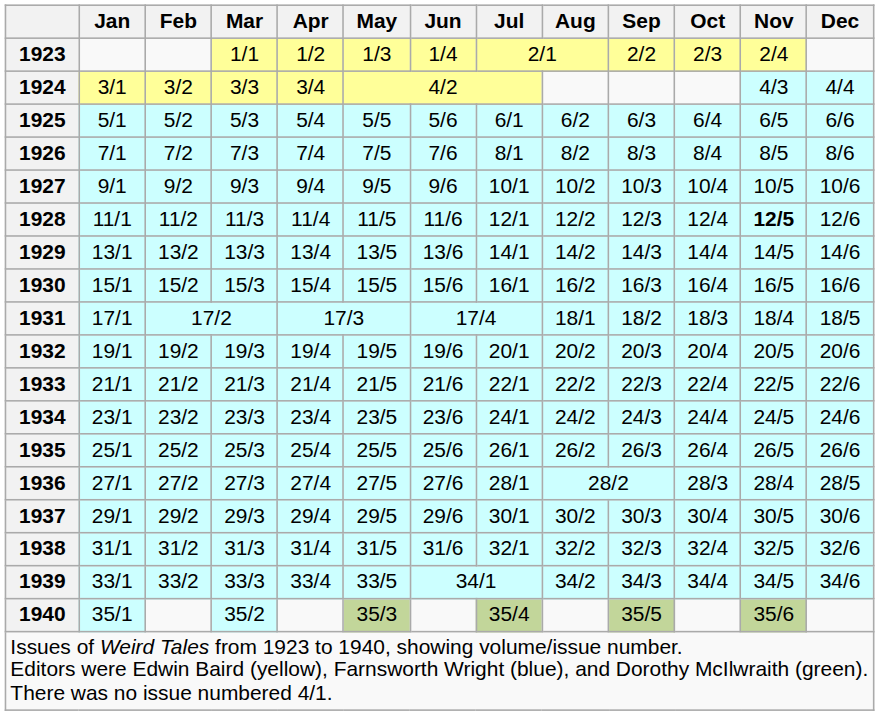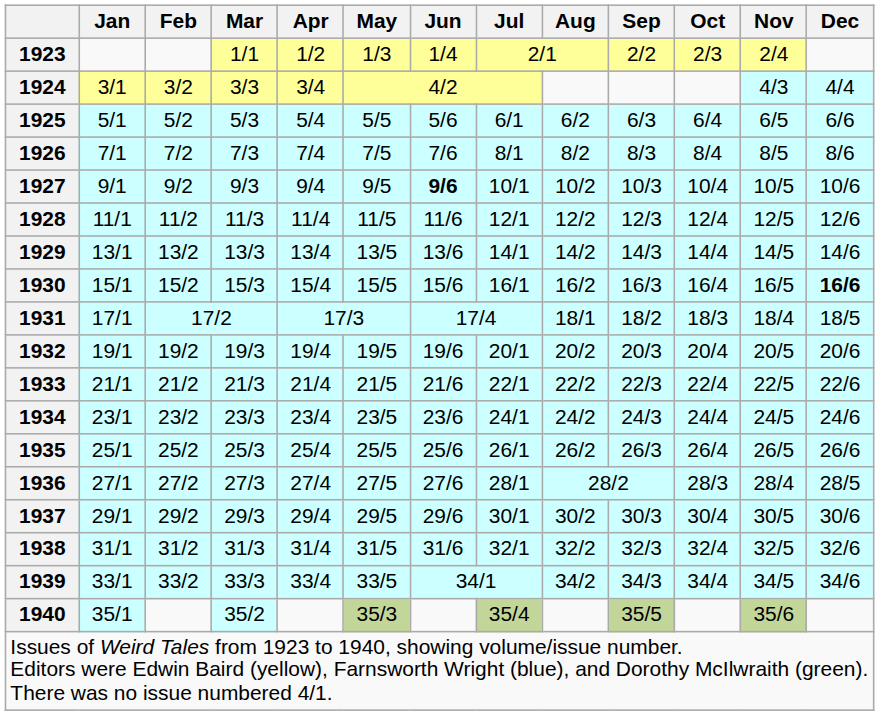 <table class="wikitable" style="font-size: 10pt; line-height: 11pt; margin-left: 2em; text-align: center; float: right">
 <tr>
 <th></th>
 <th>Jan</th>
 <th>Feb</th>
 <th>Mar</th>
 <th>Apr</th>
 <th>May</th>
 <th>Jun</th>
 <th>Jul</th>
 <th>Aug</th>
 <th>Sep</th>
 <th>Oct</th>
 <th>Nov</th>
 <th>Dec</th>
 </tr>
 <tr>
 <th>1923</th>
 <td></td>
 <td></td>
 <td style="background:#ff9;">1/1</td>
 <td style="background:#ff9;">1/2</td>
 <td style="background:#ff9;">1/3</td>
 <td style="background:#ff9;">1/4</td>
 <td colspan="2" style="background:#ff9;">2/1</td>
 <td style="background:#ff9;">2/2</td>
 <td style="background:#ff9;">2/3</td>
 <td style="background:#ff9;">2/4</td>
 <td></td>
 </tr>
 <tr>
 <th>1924</th>
 <td style="background:#ff9;">3/1</td>
 <td style="background:#ff9;">3/2</td>
 <td style="background:#ff9;">3/3</td>
 <td style="background:#ff9;">3/4</td>
 <td colspan="3" style="background:#ff9;">4/2</td>
 <td></td>
 <td></td>
 <td></td>
 <td style="background:#cff;">4/3</td>
 <td style="background:#cff;">4/4</td>
 </tr>
 <tr>
 <th>1925</th>
 <td style="background:#cff;">5/1</td>
 <td style="background:#cff;">5/2</td>
 <td style="background:#cff;">5/3</td>
 <td style="background:#cff;">5/4</td>
 <td style="background:#cff;">5/5</td>
 <td style="background:#cff;">5/6</td>
 <td style="background:#cff;">6/1</td>
 <td style="background:#cff;">6/2</td>
 <td style="background:#cff;">6/3</td>
 <td style="background:#cff;">6/4</td>
 <td style="background:#cff;">6/5</td>
 <td style="background:#cff;">6/6</td>
 </tr>
 <tr>
 <th>1926</th>
 <td style="background:#cff;">7/1</td>
 <td style="background:#cff;">7/2</td>
 <td style="background:#cff;">7/3</td>
 <td style="background:#cff;">7/4</td>
 <td style="background:#cff;">7/5</td>
 <td style="background:#cff;">7/6</td>
 <td style="background:#cff;">8/1</td>
 <td style="background:#cff;">8/2</td>
 <td style="background:#cff;">8/3</td>
 <td style="background:#cff;">8/4</td>
 <td style="background:#cff;">8/5</td>
 <td style="background:#cff;">8/6</td>
 </tr>
 <tr>
 <th>1927</th>
 <td style="background:#cff;">9/1</td>
 <td style="background:#cff;">9/2</td>
 <td style="background:#cff;">9/3</td>
 <td style="background:#cff;">9/4</td>
 <td style="background:#cff;">9/5</td>
-<td style="background:#cff;">9/6</td>
+<td style="background:#cff;"><strong>9/6</strong></td>
 <td style="background:#cff;">10/1</td>
 <td style="background:#cff;">10/2</td>
 <td style="background:#cff;">10/3</td>
 <td style="background:#cff;">10/4</td>
 <td style="background:#cff;">10/5</td>
 <td style="background:#cff;">10/6</td>
 </tr>
 <tr>
 <th>1928</th>
 <td style="background:#cff;">11/1</td>
 <td style="background:#cff;">11/2</td>
 <td style="background:#cff;">11/3</td>
 <td style="background:#cff;">11/4</td>
 <td style="background:#cff;">11/5</td>
 <td style="background:#cff;">11/6</td>
 <td style="background:#cff;">12/1</td>
 <td style="background:#cff;">12/2</td>
 <td style="background:#cff;">12/3</td>
 <td style="background:#cff;">12/4</td>
-<td style="background:#cff;"><strong>12/5</strong></td>
+<td style="background:#cff;">12/5</td>
 <td style="background:#cff;">12/6</td>
 </tr>
 <tr>
 <th>1929</th>
 <td style="background:#cff;">13/1</td>
 <td style="background:#cff;">13/2</td>
 <td style="background:#cff;">13/3</td>
 <td style="background:#cff;">13/4</td>
 <td style="background:#cff;">13/5</td>
 <td style="background:#cff;">13/6</td>
 <td style="background:#cff;">14/1</td>
 <td style="background:#cff;">14/2</td>
 <td style="background:#cff;">14/3</td>
 <td style="background:#cff;">14/4</td>
 <td style="background:#cff;">14/5</td>
 <td style="background:#cff;">14/6</td>
 </tr>
 <tr>
 <th>1930</th>
 <td style="background:#cff;">15/1</td>
 <td style="background:#cff;">15/2</td>
 <td style="background:#cff;">15/3</td>
 <td style="background:#cff;">15/4</td>
 <td style="background:#cff;">15/5</td>
 <td style="background:#cff;">15/6</td>
 <td style="background:#cff;">16/1</td>
 <td style="background:#cff;">16/2</td>
 <td style="background:#cff;">16/3</td>
 <td style="background:#cff;">16/4</td>
 <td style="background:#cff;">16/5</td>
-<td style="background:#cff;">16/6</td>
+<td style="background:#cff;"><strong>16/6</strong></td>
 </tr>
 <tr>
 <th>1931</th>
 <td style="background:#cff;">17/1</td>
 <td colspan="2" style="background:#cff;">17/2</td>
 <td colspan="2" style="background:#cff;">17/3</td>
 <td colspan="2" style="background:#cff;">17/4</td>
 <td style="background:#cff;">18/1</td>
 <td style="background:#cff;">18/2</td>
 <td style="background:#cff;">18/3</td>
 <td style="background:#cff;">18/4</td>
 <td style="background:#cff;">18/5</td>
 </tr>
 <tr>
 <th>1932</th>
 <td style="background:#cff;">19/1</td>
 <td style="background:#cff;">19/2</td>
 <td style="background:#cff;">19/3</td>
 <td style="background:#cff;">19/4</td>
 <td style="background:#cff;">19/5</td>
 <td style="background:#cff;">19/6</td>
 <td style="background:#cff;">20/1</td>
 <td style="background:#cff;">20/2</td>
 <td style="background:#cff;">20/3</td>
 <td style="background:#cff;">20/4</td>
 <td style="background:#cff;">20/5</td>
 <td style="background:#cff;">20/6</td>
 </tr>
 <tr>
 <th>1933</th>
 <td style="background:#cff;">21/1</td>
 <td style="background:#cff;">21/2</td>
 <td style="background:#cff;">21/3</td>
 <td style="background:#cff;">21/4</td>
 <td style="background:#cff;">21/5</td>
 <td style="background:#cff;">21/6</td>
 <td style="background:#cff;">22/1</td>
 <td style="background:#cff;">22/2</td>
 <td style="background:#cff;">22/3</td>
 <td style="background:#cff;">22/4</td>
 <td style="background:#cff;">22/5</td>
 <td style="background:#cff;">22/6</td>
 </tr>
 <tr>
 <th>1934</th>
 <td style="background:#cff;">23/1</td>
 <td style="background:#cff;">23/2</td>
 <td style="background:#cff;">23/3</td>
 <td style="background:#cff;">23/4</td>
 <td style="background:#cff;">23/5</td>
 <td style="background:#cff;">23/6</td>
 <td style="background:#cff;">24/1</td>
 <td style="background:#cff;">24/2</td>
 <td style="background:#cff;">24/3</td>
 <td style="background:#cff;">24/4</td>
 <td style="background:#cff;">24/5</td>
 <td style="background:#cff;">24/6</td>
 </tr>
 <tr>
 <th>1935</th>
 <td style="background:#cff;">25/1</td>
 <td style="background:#cff;">25/2</td>
 <td style="background:#cff;">25/3</td>
 <td style="background:#cff;">25/4</td>
 <td style="background:#cff;">25/5</td>
 <td style="background:#cff;">25/6</td>
 <td style="background:#cff;">26/1</td>
 <td style="background:#cff;">26/2</td>
 <td style="background:#cff;">26/3</td>
 <td style="background:#cff;">26/4</td>
 <td style="background:#cff;">26/5</td>
 <td style="background:#cff;">26/6</td>
 </tr>
 <tr>
 <th>1936</th>
 <td style="background:#cff;">27/1</td>
 <td style="background:#cff;">27/2</td>
 <td style="background:#cff;">27/3</td>
 <td style="background:#cff;">27/4</td>
 <td style="background:#cff;">27/5</td>
 <td style="background:#cff;">27/6</td>
 <td style="background:#cff;">28/1</td>
 <td colspan="2" style="background:#cff;">28/2</td>
 <td style="background:#cff;">28/3</td>
 <td style="background:#cff;">28/4</td>
 <td style="background:#cff;">28/5</td>
 </tr>
 <tr>
 <th>1937</th>
 <td style="background:#cff;">29/1</td>
 <td style="background:#cff;">29/2</td>
 <td style="background:#cff;">29/3</td>
 <td style="background:#cff;">29/4</td>
 <td style="background:#cff;">29/5</td>
 <td style="background:#cff;">29/6</td>
 <td style="background:#cff;">30/1</td>
 <td style="background:#cff;">30/2</td>
 <td style="background:#cff;">30/3</td>
 <td style="background:#cff;">30/4</td>
 <td style="background:#cff;">30/5</td>
 <td style="background:#cff;">30/6</td>
 </tr>
 <tr>
 <th>1938</th>
 <td style="background:#cff;">31/1</td>
 <td style="background:#cff;">31/2</td>
 <td style="background:#cff;">31/3</td>
 <td style="background:#cff;">31/4</td>
 <td style="background:#cff;">31/5</td>
 <td style="background:#cff;">31/6</td>
 <td style="background:#cff;">32/1</td>
 <td style="background:#cff;">32/2</td>
 <td style="background:#cff;">32/3</td>
 <td style="background:#cff;">32/4</td>
 <td style="background:#cff;">32/5</td>
 <td style="background:#cff;">32/6</td>
 </tr>
 <tr>
 <th>1939</th>
 <td style="background:#cff;">33/1</td>
 <td style="background:#cff;">33/2</td>
 <td style="background:#cff;">33/3</td>
 <td style="background:#cff;">33/4</td>
 <td style="background:#cff;">33/5</td>
 <td colspan="2" style="background:#cff;">34/1</td>
 <td style="background:#cff;">34/2</td>
 <td style="background:#cff;">34/3</td>
 <td style="background:#cff;">34/4</td>
 <td style="background:#cff;">34/5</td>
 <td style="background:#cff;">34/6</td>
 </tr>
 <tr>
 <th>1940</th>
 <td style="background:#cff;">35/1</td>
 <td></td>
 <td style="background:#cff;">35/2</td>
 <td></td>
 <td style="background:#c2d69a;">35/3</td>
 <td></td>
 <td style="background:#c2d69a;">35/4</td>
 <td></td>
 <td style="background:#c2d69a;">35/5</td>
 <td></td>
 <td style="background:#c2d69a;">35/6</td>
 </tr>
 <tr>
 <td colspan="13" style="text-align:left">Issues of <em>Weird Tales</em> from 1923 to 1940, showing volume/issue number.<br>Editors were Edwin Baird (yellow), Farnsworth Wright (blue), and Dorothy McIlwraith (green).<br>There was no issue numbered 4/1.</td>
 </tr>
 </table>
